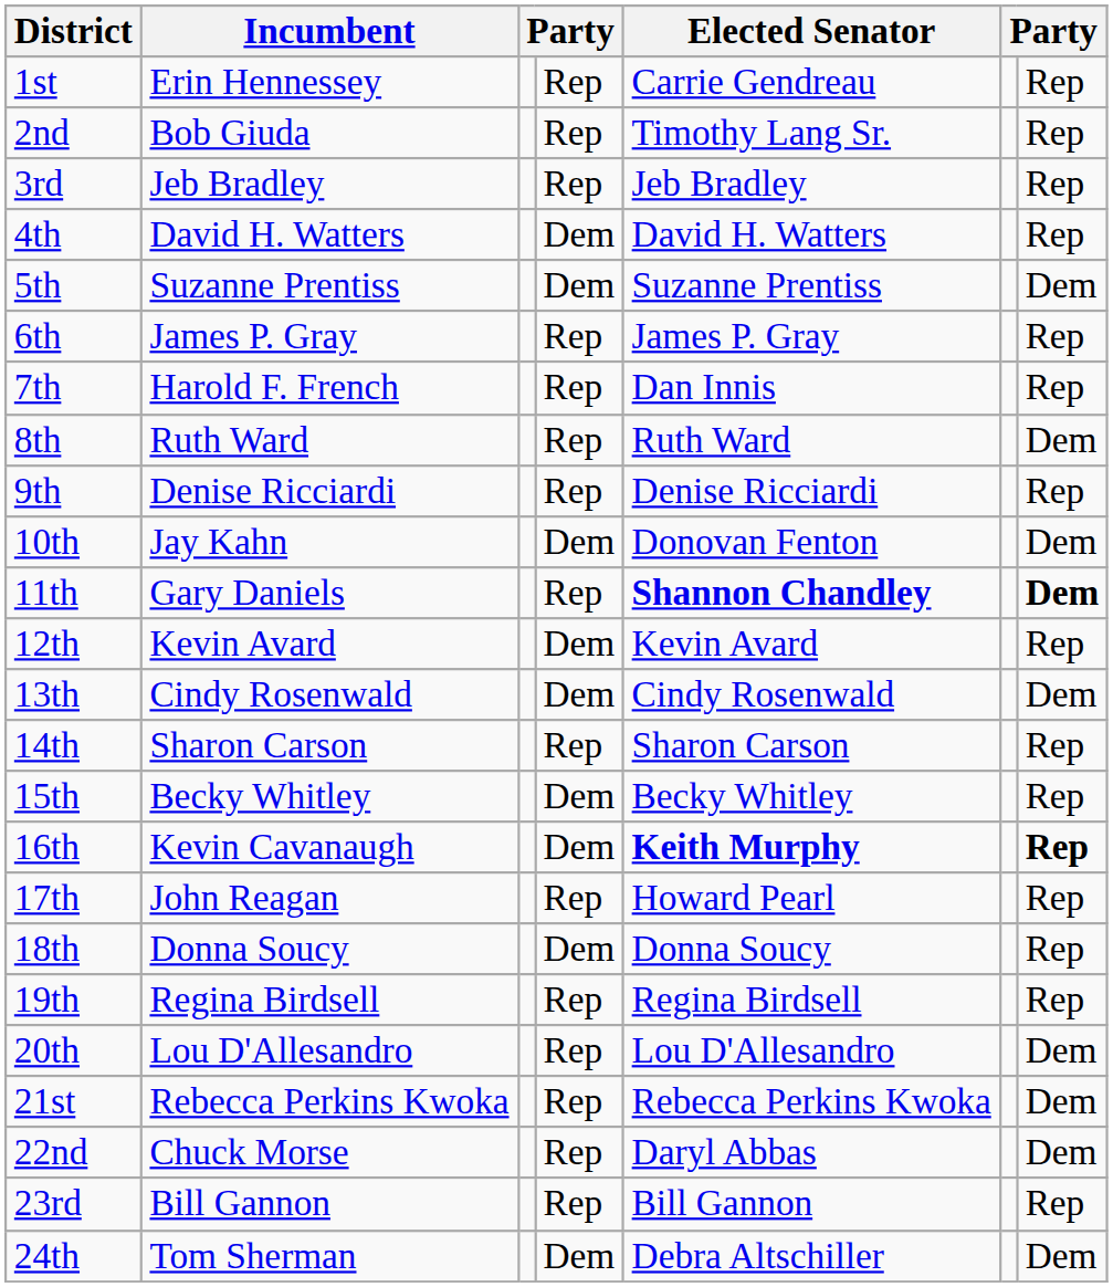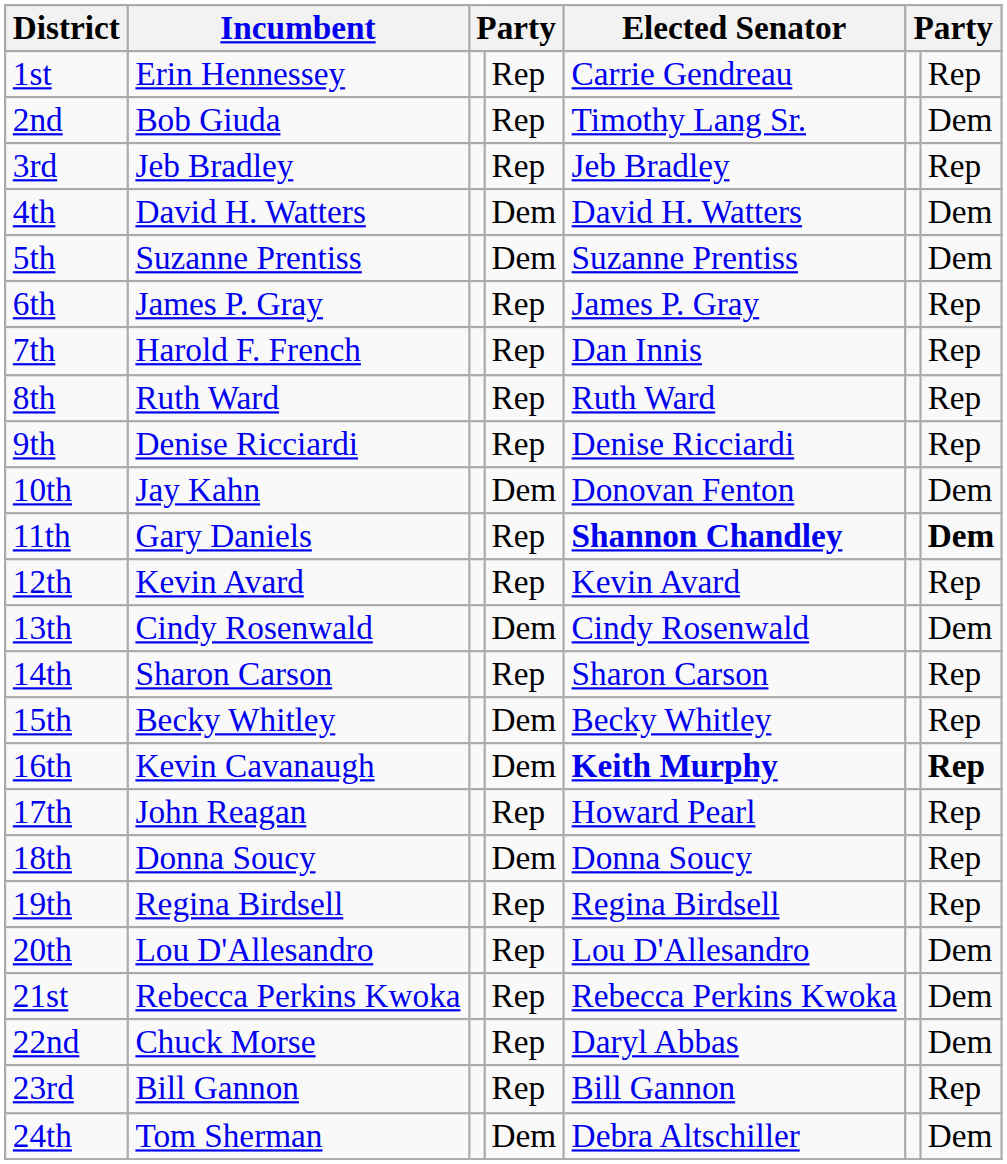 <table class="sortable wikitable" style="font-size:95%;line-height:14px;">
 <tr>
 <th class="unsortable">District</th>
 <th class="unsortable"><a href='#'>Incumbent</a></th>
 <th colspan="2">Party</th>
 <th class="unsortable">Elected Senator</th>
 <th colspan="2">Party</th>
 </tr>
 <tr>
 <td><a href='#'>1st</a></td>
 <td><a href='#'>Erin Hennessey</a></td>
 <td style="background:"></td>
 <td>Rep</td>
 <td><a href='#'>Carrie Gendreau</a></td>
 <td style="background:"></td>
 <td>Rep</td>
 </tr>
 <tr>
 <td><a href='#'>2nd</a></td>
 <td><a href='#'>Bob Giuda</a></td>
 <td style="background:"></td>
 <td>Rep</td>
 <td><a href='#'>Timothy Lang Sr.</a></td>
 <td style="background:"></td>
-<td>Rep</td>
+<td>Dem</td>
 </tr>
 <tr>
 <td><a href='#'>3rd</a></td>
 <td><a href='#'>Jeb Bradley</a></td>
 <td style="background:"></td>
 <td>Rep</td>
 <td><a href='#'>Jeb Bradley</a></td>
 <td style="background:"></td>
 <td>Rep</td>
 </tr>
 <tr>
 <td><a href='#'>4th</a></td>
 <td><a href='#'>David H. Watters</a></td>
 <td style="background:"></td>
 <td>Dem</td>
 <td><a href='#'>David H. Watters</a></td>
 <td style="background:"></td>
-<td>Rep</td>
+<td>Dem</td>
 </tr>
 <tr>
 <td><a href='#'>5th</a></td>
 <td><a href='#'>Suzanne Prentiss</a></td>
 <td style="background:"></td>
 <td>Dem</td>
 <td><a href='#'>Suzanne Prentiss</a></td>
 <td style="background:"></td>
 <td>Dem</td>
 </tr>
 <tr>
 <td><a href='#'>6th</a></td>
 <td><a href='#'>James P. Gray</a></td>
 <td style="background:"></td>
 <td>Rep</td>
 <td><a href='#'>James P. Gray</a></td>
 <td style="background:"></td>
 <td>Rep</td>
 </tr>
 <tr>
 <td><a href='#'>7th</a></td>
 <td><a href='#'>Harold F. French</a></td>
 <td style="background:"></td>
 <td>Rep</td>
 <td><a href='#'>Dan Innis</a></td>
 <td style="background:"></td>
 <td>Rep</td>
 </tr>
 <tr>
 <td><a href='#'>8th</a></td>
 <td><a href='#'>Ruth Ward</a></td>
 <td style="background:"></td>
 <td>Rep</td>
 <td><a href='#'>Ruth Ward</a></td>
 <td style="background:"></td>
-<td>Dem</td>
+<td>Rep</td>
 </tr>
 <tr>
 <td><a href='#'>9th</a></td>
 <td><a href='#'>Denise Ricciardi</a></td>
 <td style="background:"></td>
 <td>Rep</td>
 <td><a href='#'>Denise Ricciardi</a></td>
 <td style="background:"></td>
 <td>Rep</td>
 </tr>
 <tr>
 <td><a href='#'>10th</a></td>
 <td><a href='#'>Jay Kahn</a></td>
 <td style="background:"></td>
 <td>Dem</td>
 <td><a href='#'>Donovan Fenton</a></td>
 <td style="background:"></td>
 <td>Dem</td>
 </tr>
 <tr>
 <td><a href='#'>11th</a></td>
 <td><a href='#'>Gary Daniels</a></td>
 <td style="background:"></td>
 <td>Rep</td>
 <td><strong><a href='#'>Shannon Chandley</a></strong></td>
 <td style="background:"></td>
 <td><strong>Dem</strong></td>
 </tr>
 <tr>
 <td><a href='#'>12th</a></td>
 <td><a href='#'>Kevin Avard</a></td>
 <td style="background:"></td>
-<td>Dem</td>
+<td>Rep</td>
 <td><a href='#'>Kevin Avard</a></td>
 <td style="background:"></td>
 <td>Rep</td>
 </tr>
 <tr>
 <td><a href='#'>13th</a></td>
 <td><a href='#'>Cindy Rosenwald</a></td>
 <td style="background:"></td>
 <td>Dem</td>
 <td><a href='#'>Cindy Rosenwald</a></td>
 <td style="background:"></td>
 <td>Dem</td>
 </tr>
 <tr>
 <td><a href='#'>14th</a></td>
 <td><a href='#'>Sharon Carson</a></td>
 <td style="background:"></td>
 <td>Rep</td>
 <td><a href='#'>Sharon Carson</a></td>
 <td style="background:"></td>
 <td>Rep</td>
 </tr>
 <tr>
 <td><a href='#'>15th</a></td>
 <td><a href='#'>Becky Whitley</a></td>
 <td style="background:"></td>
 <td>Dem</td>
 <td><a href='#'>Becky Whitley</a></td>
 <td style="background:"></td>
 <td>Rep</td>
 </tr>
 <tr>
 <td><a href='#'>16th</a></td>
 <td><a href='#'>Kevin Cavanaugh</a></td>
 <td style="background:"></td>
 <td>Dem</td>
 <td><strong><a href='#'>Keith Murphy</a></strong></td>
 <td style="background:"></td>
 <td><strong>Rep</strong></td>
 </tr>
 <tr>
 <td><a href='#'>17th</a></td>
 <td><a href='#'>John Reagan</a></td>
 <td style="background:"></td>
 <td>Rep</td>
 <td><a href='#'>Howard Pearl</a></td>
 <td style="background:"></td>
 <td>Rep</td>
 </tr>
 <tr>
 <td><a href='#'>18th</a></td>
 <td><a href='#'>Donna Soucy</a></td>
 <td style="background:"></td>
 <td>Dem</td>
 <td><a href='#'>Donna Soucy</a></td>
 <td style="background:"></td>
 <td>Rep</td>
 </tr>
 <tr>
 <td><a href='#'>19th</a></td>
 <td><a href='#'>Regina Birdsell</a></td>
 <td style="background:"></td>
 <td>Rep</td>
 <td><a href='#'>Regina Birdsell</a></td>
 <td style="background:"></td>
 <td>Rep</td>
 </tr>
 <tr>
 <td><a href='#'>20th</a></td>
 <td><a href='#'>Lou D'Allesandro</a></td>
 <td style="background:"></td>
 <td>Rep</td>
 <td><a href='#'>Lou D'Allesandro</a></td>
 <td style="background:"></td>
 <td>Dem</td>
 </tr>
 <tr>
 <td><a href='#'>21st</a></td>
 <td><a href='#'>Rebecca Perkins Kwoka</a></td>
 <td style="background:"></td>
 <td>Rep</td>
 <td><a href='#'>Rebecca Perkins Kwoka</a></td>
 <td style="background:"></td>
 <td>Dem</td>
 </tr>
 <tr>
 <td><a href='#'>22nd</a></td>
 <td><a href='#'>Chuck Morse</a></td>
 <td style="background:"></td>
 <td>Rep</td>
 <td><a href='#'>Daryl Abbas</a></td>
 <td style="background:"></td>
 <td>Dem</td>
 </tr>
 <tr>
 <td><a href='#'>23rd</a></td>
 <td><a href='#'>Bill Gannon</a></td>
 <td style="background:"></td>
 <td>Rep</td>
 <td><a href='#'>Bill Gannon</a></td>
 <td style="background:"></td>
 <td>Rep</td>
 </tr>
 <tr>
 <td><a href='#'>24th</a></td>
 <td><a href='#'>Tom Sherman</a></td>
 <td style="background:"></td>
 <td>Dem</td>
 <td><a href='#'>Debra Altschiller</a></td>
 <td style="background:"></td>
 <td>Dem</td>
 </tr>
 </table>
